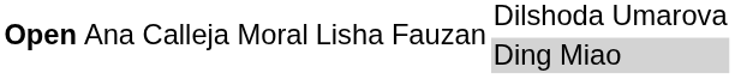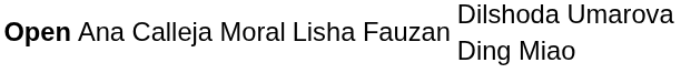 <table>
 <tr>
 <th scope=row rowspan=2>Open</th>
 <td rowspan=2> Ana Calleja Moral</td>
 <td rowspan=2> Lisha Fauzan</td>
 <td> Dilshoda Umarova</td>
 </tr>
 <tr>
-<td style="background: lightgrey;"> Ding Miao</td>
+<td> Ding Miao</td>
 </tr>
 <tr>
 </tr>
 </table>
